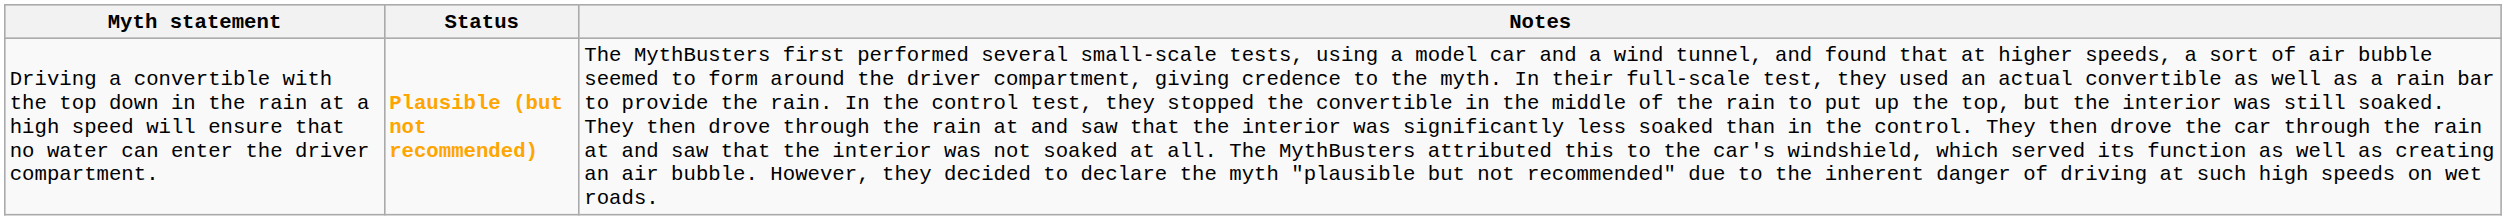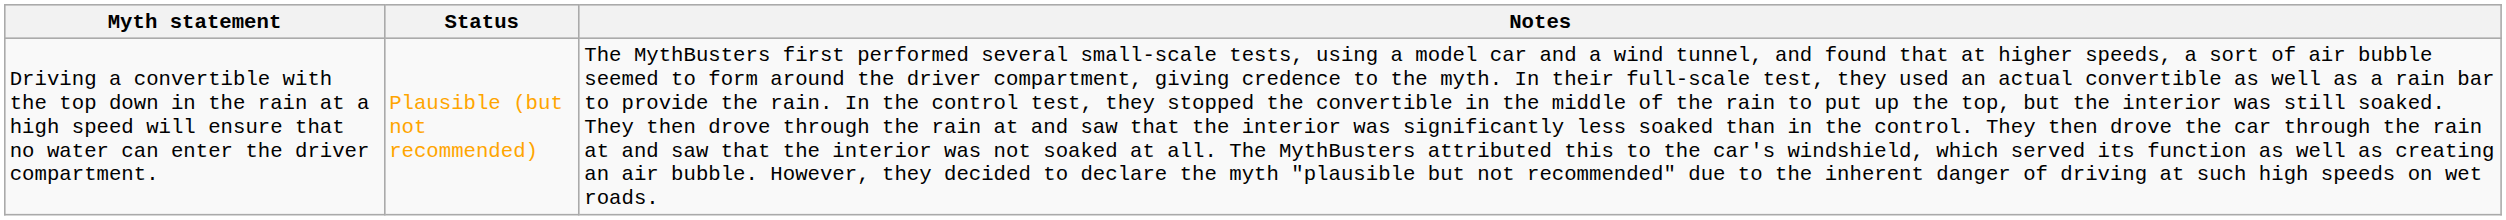 <table class="wikitable plainrowheaders">
 <tr>
 <th>Myth statement</th>
 <th>Status</th>
 <th>Notes</th>
 </tr>
 <tr>
 <td>Driving a convertible with the top down in the rain at a high speed will ensure that no water can enter the driver compartment.</td>
-<td style="color:orange"><strong>Plausible (but not recommended)</strong></td>
+<td style="color:orange">Plausible (but not recommended)</td>
 <td>The MythBusters first performed several small-scale tests, using a model car and a wind tunnel, and found that at higher speeds, a sort of air bubble seemed to form around the driver compartment, giving credence to the myth. In their full-scale test, they used an actual convertible as well as a rain bar to provide the rain. In the control test, they stopped the convertible in the middle of the rain to put up the top, but the interior was still soaked. They then drove through the rain at  and saw that the interior was significantly less soaked than in the control. They then drove the car through the rain at  and saw that the interior was not soaked at all. The MythBusters attributed this to the car's windshield, which served its function as well as creating an air bubble. However, they decided to declare the myth "plausible but not recommended" due to the inherent danger of driving at such high speeds on wet roads.</td>
 </tr>
 </table>
